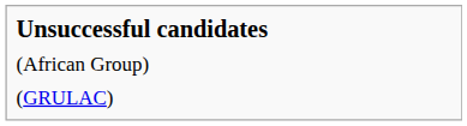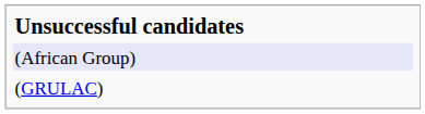 <table class="infobox" style="width:300px;">
 <tr>
 <td><strong>Unsuccessful candidates</strong></td>
 </tr>
 <tr>
-<td> <small>(African Group)</small></td>
+<td style="background: lavender;"> <small>(African Group)</small></td>
 </tr>
 <tr>
 <td> <small>(<a href='#'>GRULAC</a>)</small></td>
 </tr>
 </table>
